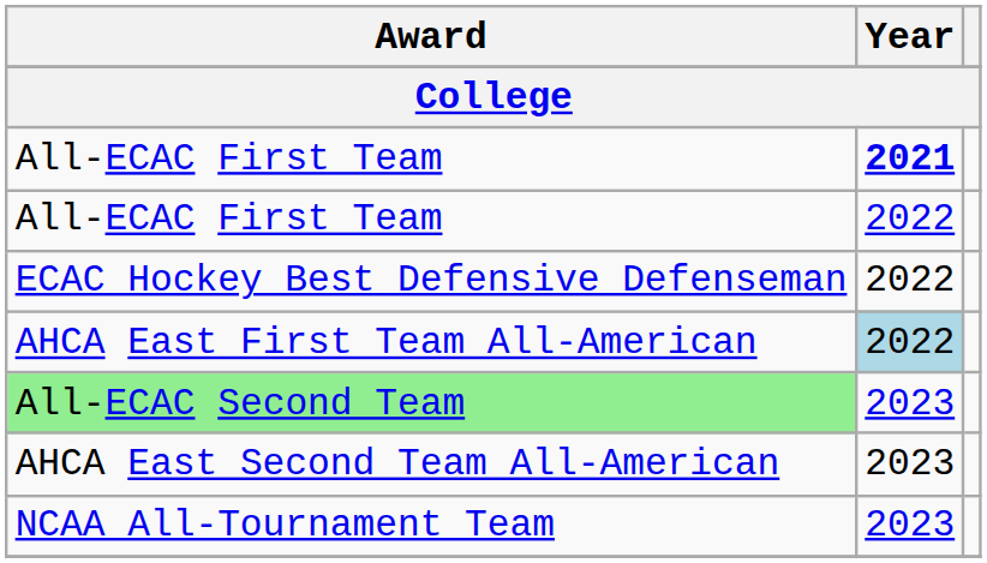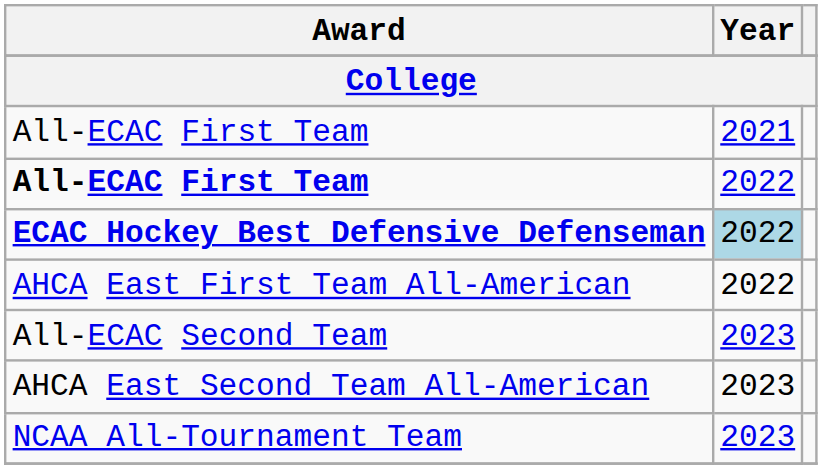 <table class="wikitable">
 <tr>
 <th>Award</th>
 <th>Year</th>
 <th></th>
 </tr>
 <tr ALIGN="center" bgcolor="#e0e0e0">
 </tr>
 <tr ALIGN="center" bgcolor="#e0e0e0">
 <th colspan="3"><a href='#'>College</a></th>
 </tr>
 <tr>
 <td>All-<a href='#'>ECAC</a> <a href='#'>First Team</a></td>
-<td><strong><a href='#'>2021</a></strong></td>
+<td><a href='#'>2021</a></td>
 <td></td>
 </tr>
 <tr>
-<td>All-<a href='#'>ECAC</a> <a href='#'>First Team</a></td>
+<td><strong>All-<a href='#'>ECAC</a> <a href='#'>First Team</a></strong></td>
 <td><a href='#'>2022</a></td>
 <td></td>
 </tr>
 <tr>
-<td><a href='#'>ECAC Hockey Best Defensive Defenseman</a></td>
+<td><strong><a href='#'>ECAC Hockey Best Defensive Defenseman</a></strong></td>
+<td style="background: lightblue;">2022</td>
+<td></td>
+</tr>
+<tr>
+<td><a href='#'>AHCA</a> <a href='#'>East First Team All-American</a></td>
 <td>2022</td>
 <td></td>
 </tr>
 <tr>
-<td><a href='#'>AHCA</a> <a href='#'>East First Team All-American</a></td>
-<td style="background: lightblue;">2022</td>
-<td></td>
-</tr>
-<tr>
-<td style="background: lightgreen;">All-<a href='#'>ECAC</a> <a href='#'>Second Team</a></td>
+<td>All-<a href='#'>ECAC</a> <a href='#'>Second Team</a></td>
 <td><a href='#'>2023</a></td>
 <td></td>
 </tr>
 <tr>
 <td>AHCA <a href='#'>East Second Team All-American</a></td>
 <td>2023</td>
 <td></td>
 </tr>
 <tr>
 <td><a href='#'>NCAA All-Tournament Team</a></td>
 <td><a href='#'>2023</a></td>
 <td></td>
 </tr>
 <tr>
 </tr>
 </table>
